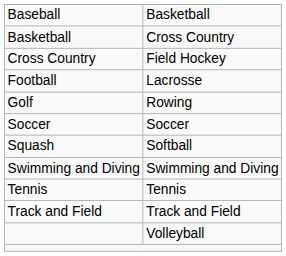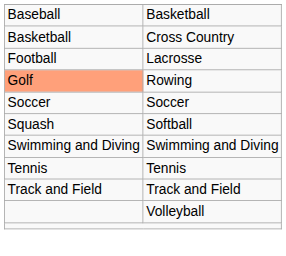 <table class="wikitable">
 <tr>
 </tr>
 <tr>
 <td>Baseball</td>
 <td>Basketball</td>
 </tr>
 <tr>
 <td>Basketball</td>
 <td>Cross Country</td>
 </tr>
 <tr>
-<td>Cross Country</td>
-<td>Field Hockey</td>
-</tr>
-<tr>
 <td>Football</td>
 <td>Lacrosse</td>
 </tr>
 <tr>
-<td>Golf</td>
+<td style="background: lightsalmon;">Golf</td>
 <td>Rowing</td>
 </tr>
 <tr>
 <td>Soccer</td>
 <td>Soccer</td>
 </tr>
 <tr>
 <td>Squash</td>
 <td>Softball</td>
 </tr>
 <tr>
 <td>Swimming and Diving</td>
 <td>Swimming and Diving</td>
 </tr>
 <tr>
 <td>Tennis</td>
 <td>Tennis</td>
 </tr>
 <tr>
 <td>Track and Field</td>
 <td>Track and Field</td>
 </tr>
 <tr>
 <td></td>
 <td>Volleyball</td>
 </tr>
 <tr>
 <td colspan="2"></td>
 </tr>
 </table>
